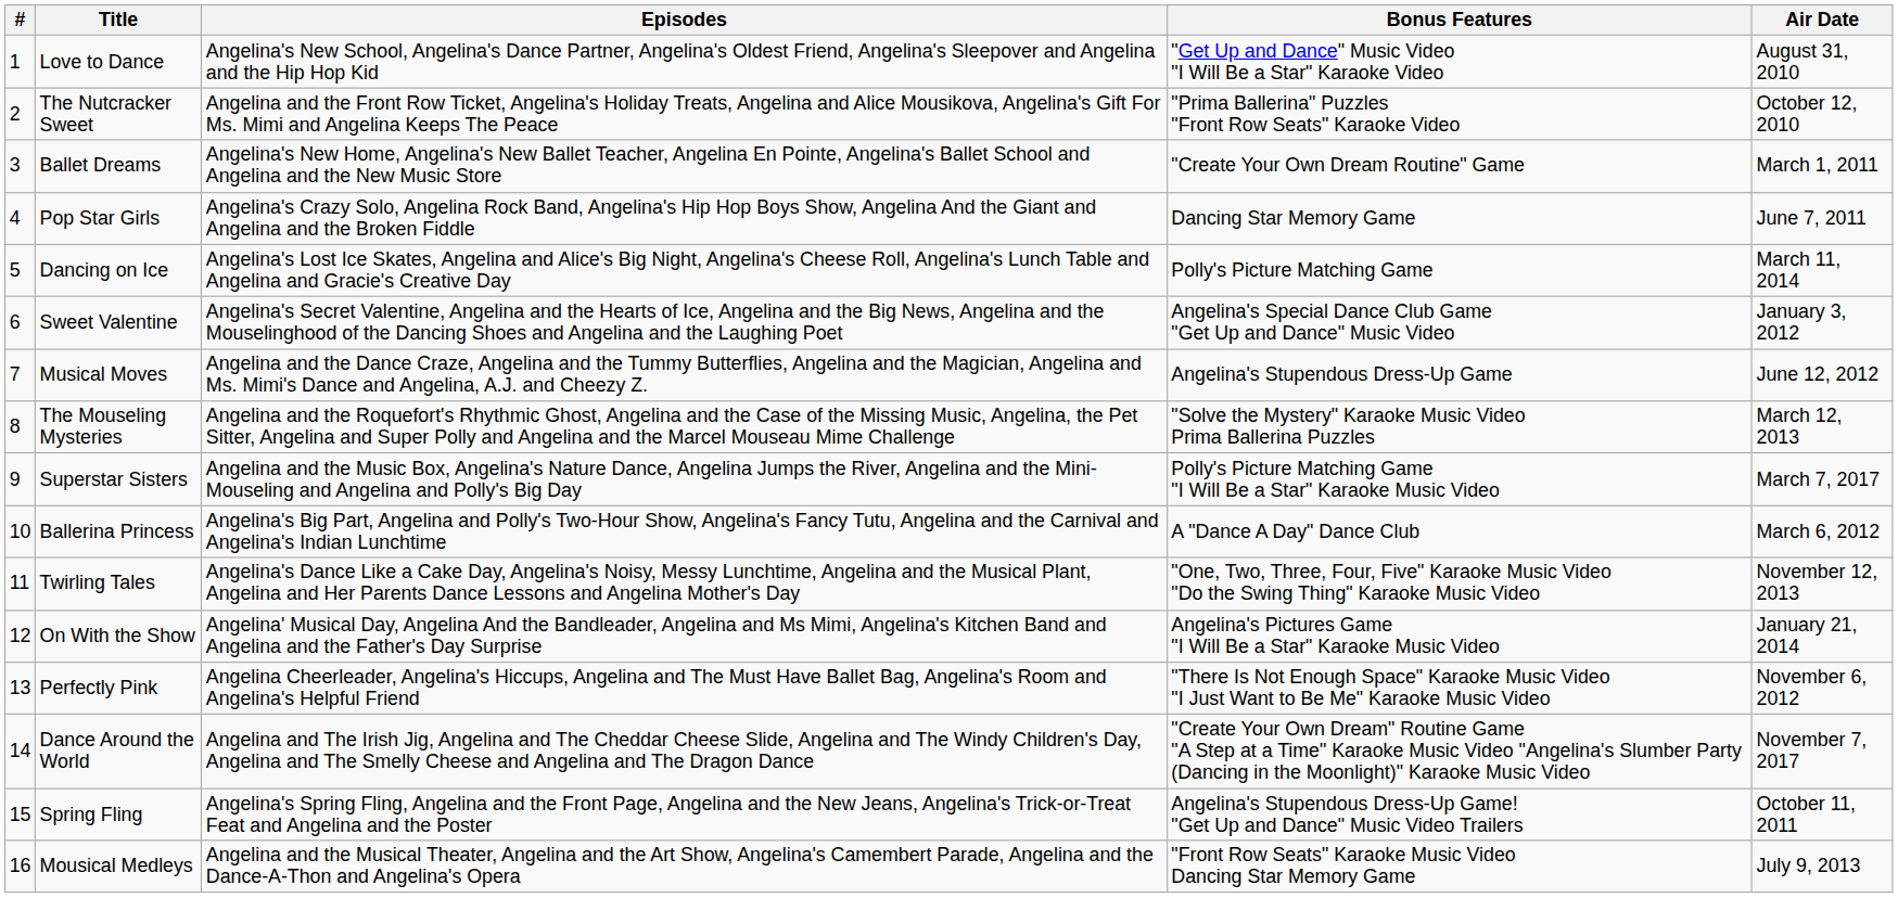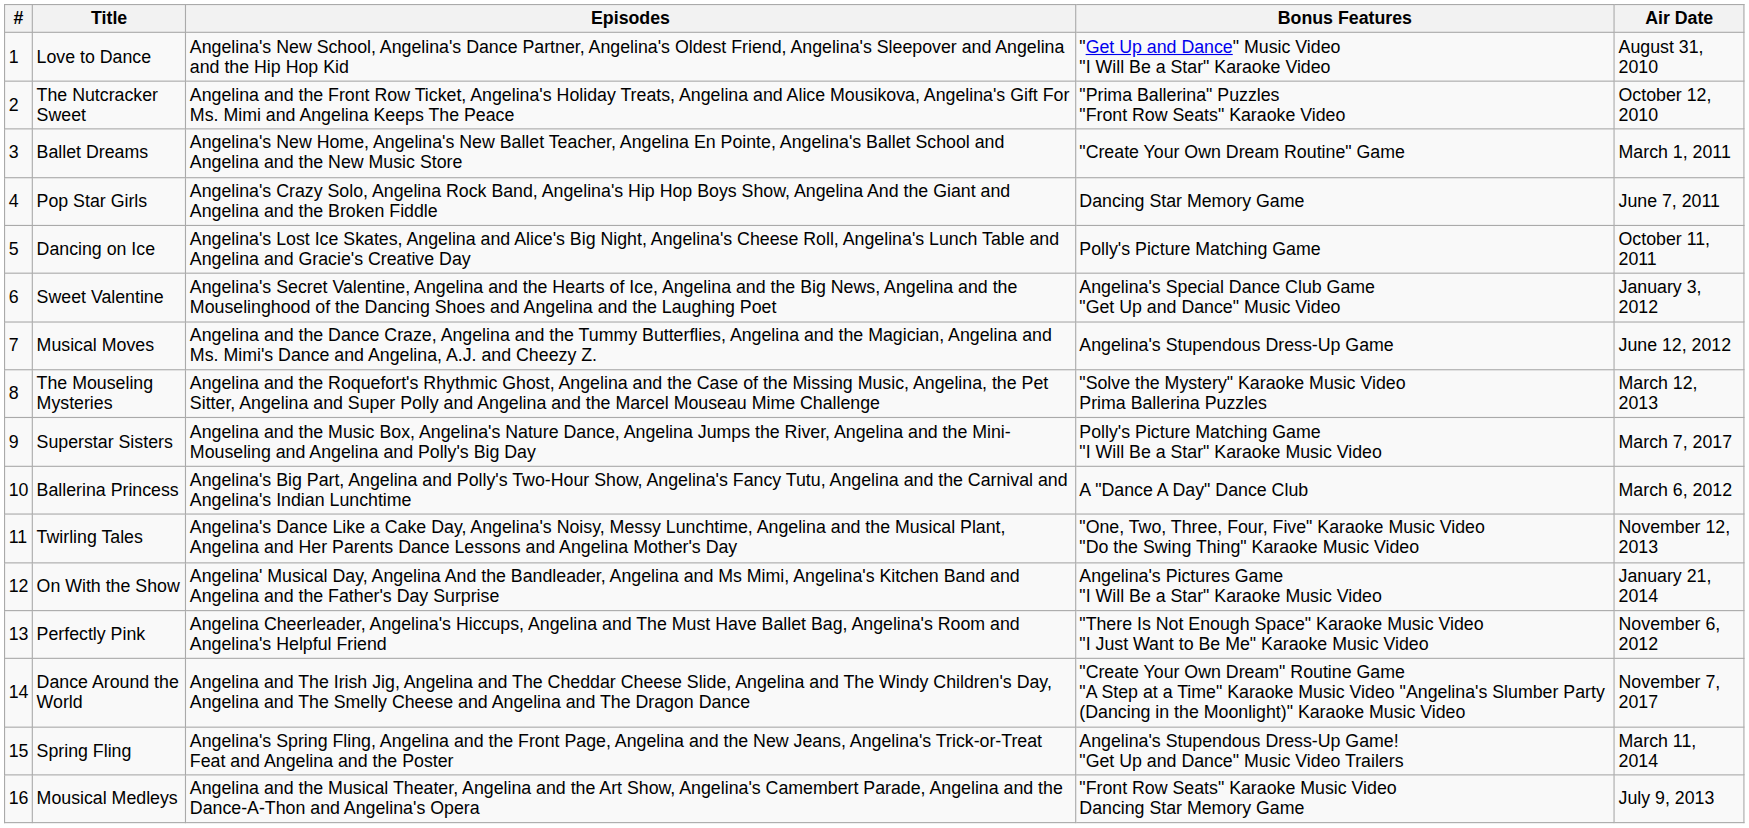 <table class="wikitable">
 <tr>
 <th>#</th>
 <th>Title</th>
 <th>Episodes</th>
 <th>Bonus Features</th>
 <th>Air Date</th>
 </tr>
 <tr>
 <td>1</td>
 <td>Love to Dance</td>
 <td>Angelina's New School, Angelina's Dance Partner, Angelina's Oldest Friend, Angelina's Sleepover and Angelina and the Hip Hop Kid</td>
 <td>"<a href='#'>Get Up and Dance</a>" Music Video<br>"I Will Be a Star" Karaoke Video</td>
 <td>August 31, 2010</td>
 </tr>
 <tr>
 <td>2</td>
 <td>The Nutcracker Sweet</td>
 <td>Angelina and the Front Row Ticket, Angelina's Holiday Treats, Angelina and Alice Mousikova, Angelina's Gift For Ms. Mimi and Angelina Keeps The Peace</td>
 <td>"Prima Ballerina" Puzzles<br>"Front Row Seats" Karaoke Video</td>
 <td>October 12, 2010</td>
 </tr>
 <tr>
 <td>3</td>
 <td>Ballet Dreams</td>
 <td>Angelina's New Home, Angelina's New Ballet Teacher, Angelina En Pointe, Angelina's Ballet School and Angelina and the New Music Store</td>
 <td>"Create Your Own Dream Routine" Game</td>
 <td>March 1, 2011</td>
 </tr>
 <tr>
 <td>4</td>
 <td>Pop Star Girls</td>
 <td>Angelina's Crazy Solo, Angelina Rock Band, Angelina's Hip Hop Boys Show, Angelina And the Giant and Angelina and the Broken Fiddle</td>
 <td>Dancing Star Memory Game</td>
 <td>June 7, 2011</td>
 </tr>
 <tr>
 <td>5</td>
 <td>Dancing on Ice</td>
 <td>Angelina's Lost Ice Skates, Angelina and Alice's Big Night, Angelina's Cheese Roll, Angelina's Lunch Table and Angelina and Gracie's Creative Day</td>
 <td>Polly's Picture Matching Game</td>
-<td>March 11, 2014</td>
+<td>October 11, 2011</td>
 </tr>
 <tr>
 <td>6</td>
 <td>Sweet Valentine</td>
 <td>Angelina's Secret Valentine, Angelina and the Hearts of Ice, Angelina and the Big News, Angelina and the Mouselinghood of the Dancing Shoes and Angelina and the Laughing Poet</td>
 <td>Angelina's Special Dance Club Game<br>"Get Up and Dance" Music Video</td>
 <td>January 3, 2012</td>
 </tr>
 <tr>
 <td>7</td>
 <td>Musical Moves</td>
 <td>Angelina and the Dance Craze, Angelina and the Tummy Butterflies, Angelina and the Magician, Angelina and Ms. Mimi's Dance and Angelina, A.J. and Cheezy Z.</td>
 <td>Angelina's Stupendous Dress-Up Game</td>
 <td>June 12, 2012</td>
 </tr>
 <tr>
 <td>8</td>
 <td>The Mouseling Mysteries</td>
 <td>Angelina and the Roquefort's Rhythmic Ghost, Angelina and the Case of the Missing Music, Angelina, the Pet Sitter, Angelina and Super Polly and Angelina and the Marcel Mouseau Mime Challenge</td>
 <td>"Solve the Mystery" Karaoke Music Video<br>Prima Ballerina Puzzles</td>
 <td>March 12, 2013</td>
 </tr>
 <tr>
 <td>9</td>
 <td>Superstar Sisters</td>
 <td>Angelina and the Music Box, Angelina's Nature Dance, Angelina Jumps the River, Angelina and the Mini-Mouseling and Angelina and Polly's Big Day</td>
 <td>Polly's Picture Matching Game<br>"I Will Be a Star" Karaoke Music Video</td>
 <td>March 7, 2017</td>
 </tr>
 <tr>
 <td>10</td>
 <td>Ballerina Princess</td>
 <td>Angelina's Big Part, Angelina and Polly's Two-Hour Show, Angelina's Fancy Tutu, Angelina and the Carnival and Angelina's Indian Lunchtime</td>
 <td>A "Dance A Day" Dance Club</td>
 <td>March 6, 2012</td>
 </tr>
 <tr>
 <td>11</td>
 <td>Twirling Tales</td>
 <td>Angelina's Dance Like a Cake Day, Angelina's Noisy, Messy Lunchtime, Angelina and the Musical Plant, Angelina and Her Parents Dance Lessons and Angelina Mother's Day</td>
 <td>"One, Two, Three, Four, Five" Karaoke Music Video<br>"Do the Swing Thing" Karaoke Music Video</td>
 <td>November 12, 2013</td>
 </tr>
 <tr>
 <td>12</td>
 <td>On With the Show</td>
 <td>Angelina' Musical Day, Angelina And the Bandleader, Angelina and Ms Mimi, Angelina's Kitchen Band and Angelina and the Father's Day Surprise</td>
 <td>Angelina's Pictures Game<br>"I Will Be a Star" Karaoke Music Video</td>
 <td>January 21, 2014</td>
 </tr>
 <tr>
 <td>13</td>
 <td>Perfectly Pink</td>
 <td>Angelina Cheerleader, Angelina's Hiccups, Angelina and The Must Have Ballet Bag, Angelina's Room and Angelina's Helpful Friend</td>
 <td>"There Is Not Enough Space" Karaoke Music Video<br>"I Just Want to Be Me" Karaoke Music Video</td>
 <td>November 6, 2012</td>
 </tr>
 <tr>
 <td>14</td>
 <td>Dance Around the World</td>
 <td>Angelina and The Irish Jig, Angelina and The Cheddar Cheese Slide, Angelina and The Windy Children's Day, Angelina and The Smelly Cheese and Angelina and The Dragon Dance</td>
 <td>"Create Your Own Dream" Routine Game<br>"A Step at a Time" Karaoke Music Video  "Angelina's Slumber Party (Dancing in the Moonlight)" Karaoke Music Video</td>
 <td>November 7, 2017</td>
 </tr>
 <tr>
 <td>15</td>
 <td>Spring Fling</td>
 <td>Angelina's Spring Fling, Angelina and the Front Page, Angelina and the New Jeans, Angelina's Trick-or-Treat Feat and Angelina and the Poster</td>
 <td>Angelina's Stupendous Dress-Up Game!<br>"Get Up and Dance" Music Video Trailers</td>
-<td>October 11, 2011</td>
+<td>March 11, 2014</td>
 </tr>
 <tr>
 <td>16</td>
 <td>Mousical Medleys</td>
 <td>Angelina and the Musical Theater, Angelina and the Art Show, Angelina's Camembert Parade, Angelina and the Dance-A-Thon and Angelina's Opera</td>
 <td>"Front Row Seats" Karaoke Music Video<br>Dancing Star Memory Game</td>
 <td>July 9, 2013</td>
 </tr>
 </table>
